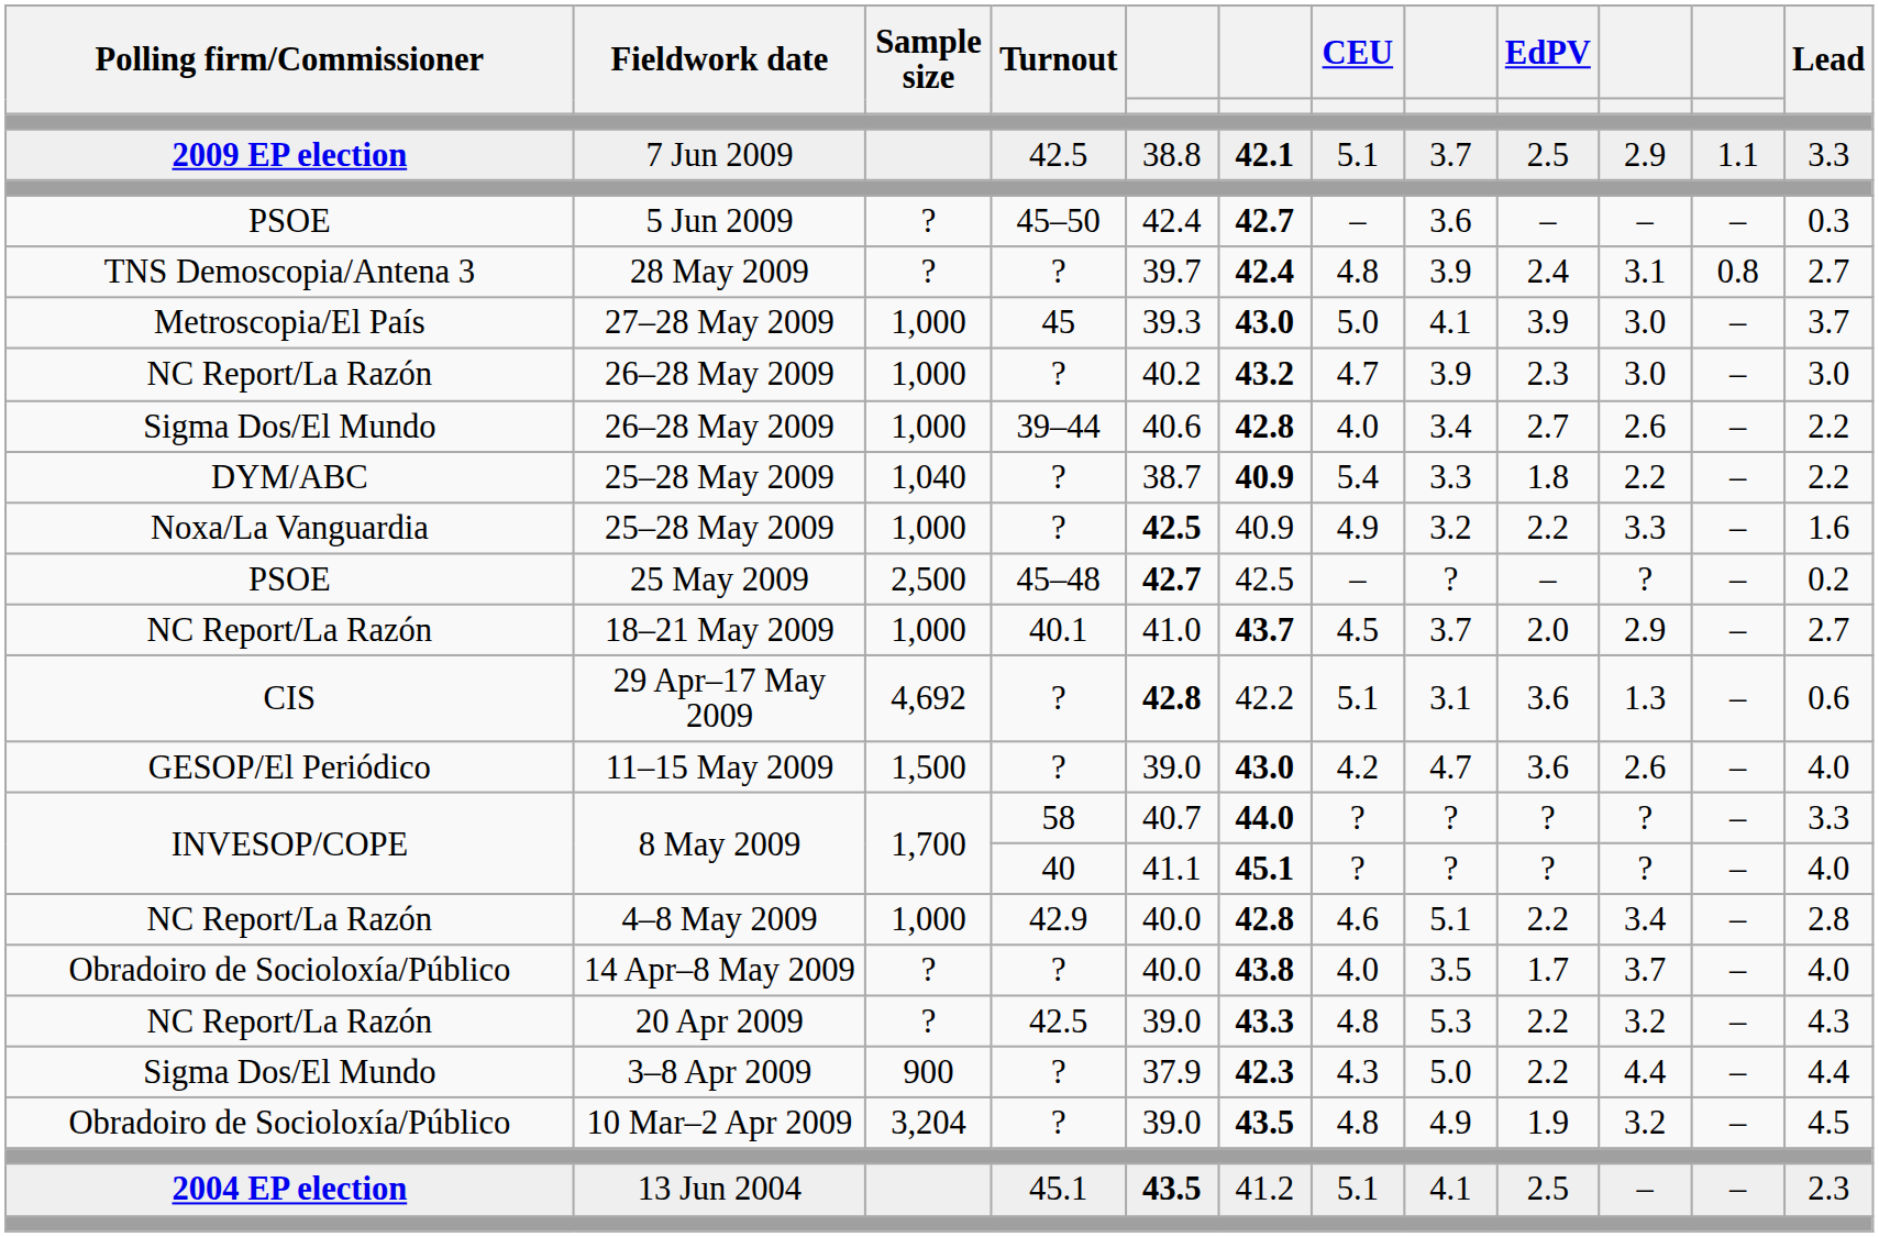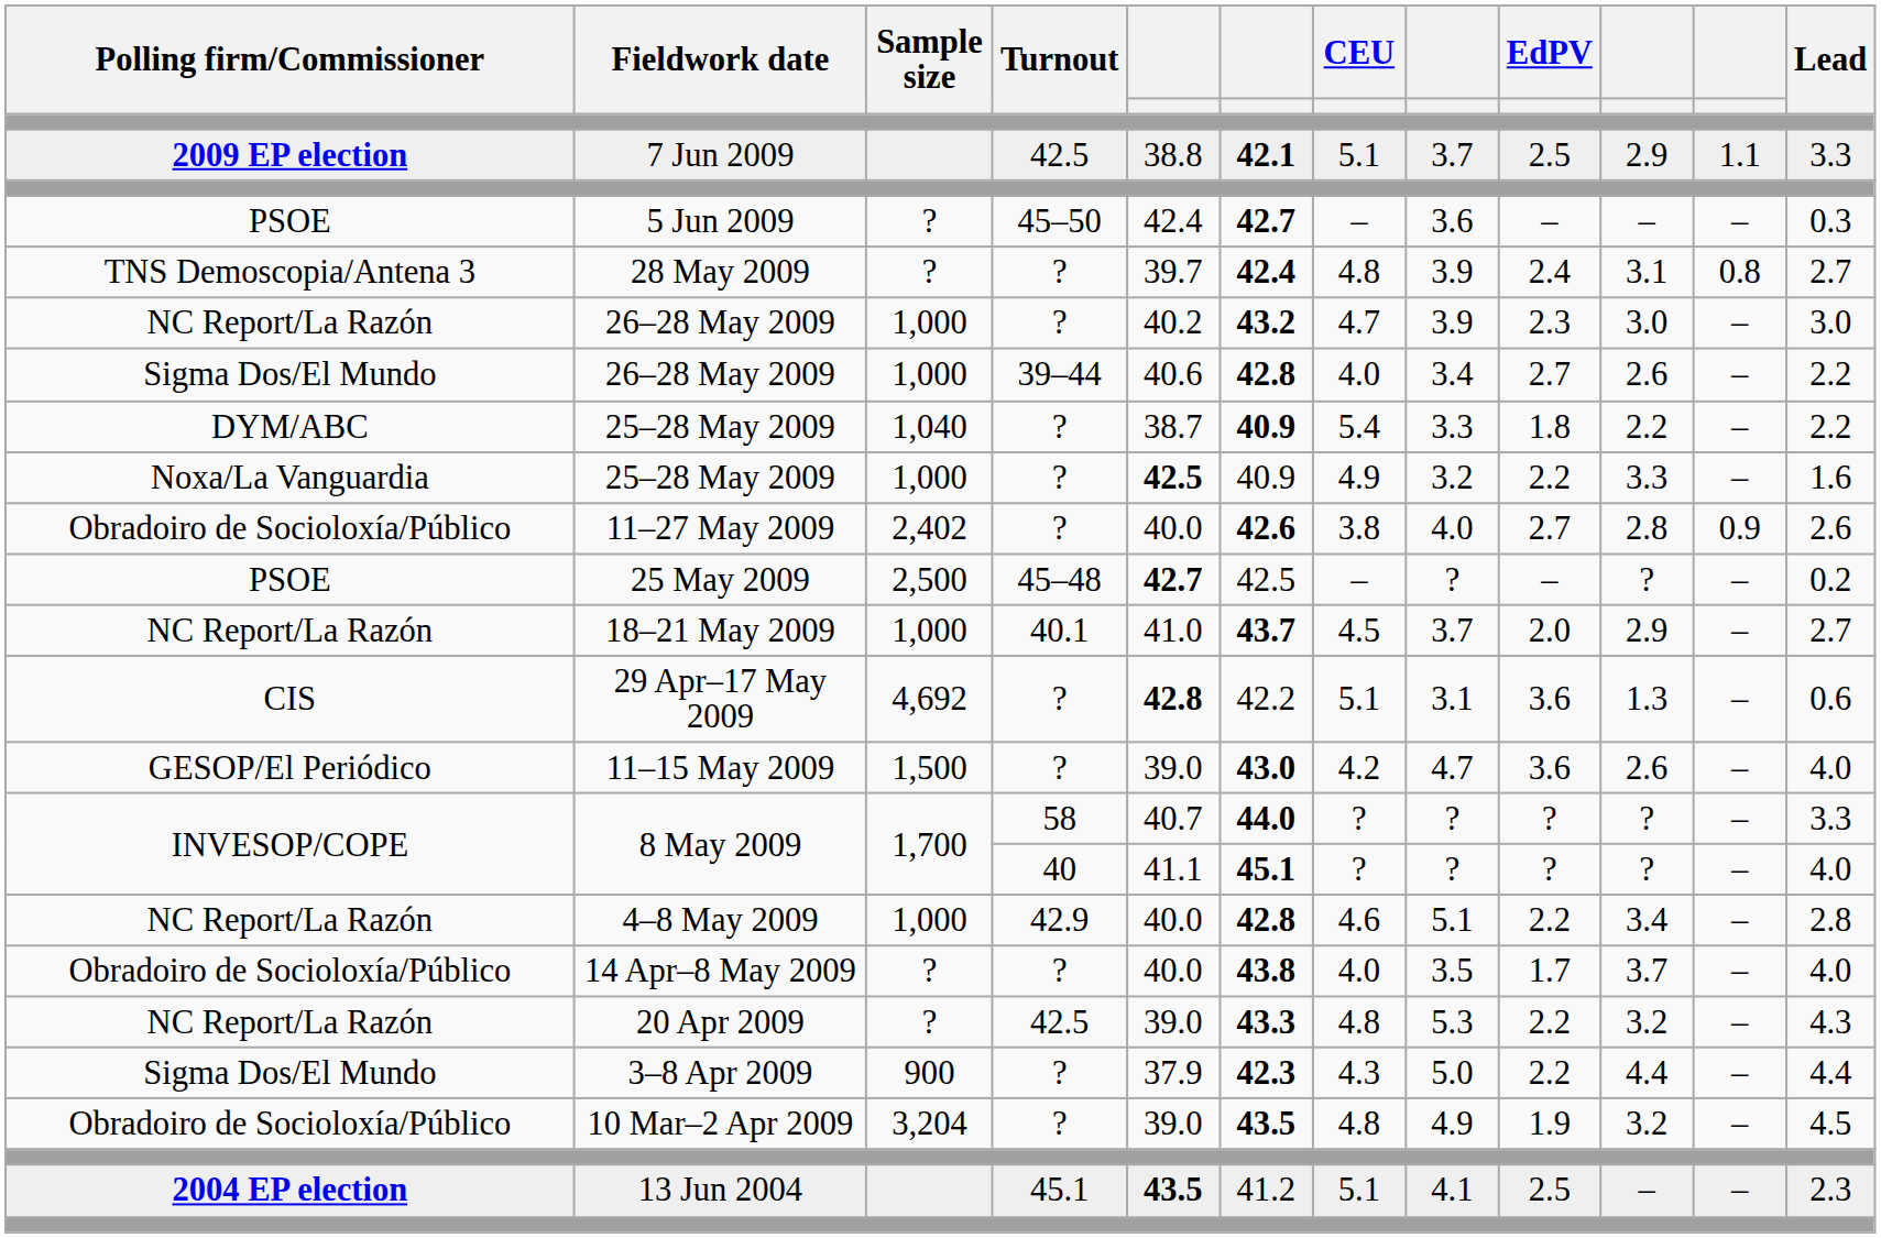 <table class="wikitable collapsible collapsed" style="text-align:center; font-size:95%; line-height:16px;">
 <tr style="height:42px;">
 <th style="width:250px;" rowspan="2">Polling firm/Commissioner</th>
 <th style="width:125px;" rowspan="2">Fieldwork date</th>
 <th style="width:50px;" rowspan="2">Sample size</th>
 <th style="width:45px;" rowspan="2">Turnout</th>
 <th style="width:35px;"></th>
 <th style="width:35px;"></th>
 <th style="width:35px;"><a href='#'>CEU</a></th>
 <th style="width:35px;"></th>
 <th style="width:35px;"><a href='#'>EdPV</a></th>
 <th style="width:35px;"></th>
 <th style="width:35px;"></th>
 <th style="width:30px;" rowspan="2">Lead</th>
 </tr>
 <tr>
 <th style="color:inherit;background:"></th>
 <th style="color:inherit;background:"></th>
 <th style="color:inherit;background:"></th>
 <th style="color:inherit;background:"></th>
 <th style="color:inherit;background:"></th>
 <th style="color:inherit;background:"></th>
 <th style="color:inherit;background:"></th>
 </tr>
 <tr>
 <td colspan="12" style="background:#A0A0A0"></td>
 </tr>
 <tr style="background:#EFEFEF;">
 <td><strong><a href='#'>2009 EP election</a></strong></td>
 <td>7 Jun 2009</td>
 <td></td>
 <td>42.5</td>
 <td>38.8<br></td>
 <td><strong>42.1</strong><br></td>
 <td>5.1<br></td>
 <td>3.7<br></td>
 <td>2.5<br></td>
 <td>2.9<br></td>
 <td>1.1<br></td>
 <td style="background:">3.3</td>
 </tr>
 <tr>
 <td colspan="12" style="background:#A0A0A0"></td>
 </tr>
 <tr>
 <td>PSOE</td>
 <td>5 Jun 2009</td>
 <td>?</td>
 <td>45–50</td>
 <td>42.4<br></td>
 <td><strong>42.7</strong><br></td>
 <td>–</td>
 <td>3.6<br></td>
 <td>–</td>
 <td>–</td>
 <td>–</td>
 <td style="background:">0.3</td>
 </tr>
 <tr>
 <td>TNS Demoscopia/Antena 3</td>
 <td>28 May 2009</td>
 <td>?</td>
 <td>?</td>
 <td>39.7<br></td>
 <td><strong>42.4</strong><br></td>
 <td>4.8<br></td>
 <td>3.9<br></td>
 <td>2.4<br></td>
 <td>3.1<br></td>
 <td>0.8<br></td>
 <td style="background:">2.7</td>
 </tr>
 <tr>
-<td>Metroscopia/El País</td>
-<td>27–28 May 2009</td>
-<td>1,000</td>
-<td>45</td>
-<td>39.3<br></td>
-<td><strong>43.0</strong><br></td>
-<td>5.0<br></td>
-<td>4.1<br></td>
-<td>3.9<br></td>
-<td>3.0<br></td>
-<td>–</td>
-<td style="background:">3.7</td>
-</tr>
-<tr>
 <td>NC Report/La Razón</td>
 <td>26–28 May 2009</td>
 <td>1,000</td>
 <td>?</td>
 <td>40.2<br></td>
 <td><strong>43.2</strong><br></td>
 <td>4.7<br></td>
 <td>3.9<br></td>
 <td>2.3<br></td>
 <td>3.0<br></td>
 <td>–</td>
 <td style="background:">3.0</td>
 </tr>
 <tr>
 <td>Sigma Dos/El Mundo</td>
 <td>26–28 May 2009</td>
 <td>1,000</td>
 <td>39–44</td>
 <td>40.6<br></td>
 <td><strong>42.8</strong><br></td>
 <td>4.0<br></td>
 <td>3.4<br></td>
 <td>2.7<br></td>
 <td>2.6<br></td>
 <td>–</td>
 <td style="background:">2.2</td>
 </tr>
 <tr>
 <td>DYM/ABC</td>
 <td>25–28 May 2009</td>
 <td>1,040</td>
 <td>?</td>
 <td>38.7<br></td>
 <td><strong>40.9</strong><br></td>
 <td>5.4<br></td>
 <td>3.3<br></td>
 <td>1.8<br></td>
 <td>2.2<br></td>
 <td>–</td>
 <td style="background:">2.2</td>
 </tr>
 <tr>
 <td>Noxa/La Vanguardia</td>
 <td>25–28 May 2009</td>
 <td>1,000</td>
 <td>?</td>
 <td><strong>42.5</strong><br></td>
 <td>40.9<br></td>
 <td>4.9<br></td>
 <td>3.2<br></td>
 <td>2.2<br></td>
 <td>3.3<br></td>
 <td>–</td>
 <td style="background:">1.6</td>
+</tr>
+<tr>
+<td>Obradoiro de Socioloxía/Público</td>
+<td>11–27 May 2009</td>
+<td>2,402</td>
+<td>?</td>
+<td>40.0<br></td>
+<td><strong>42.6</strong><br></td>
+<td>3.8<br></td>
+<td>4.0<br></td>
+<td>2.7<br></td>
+<td>2.8<br></td>
+<td>0.9<br></td>
+<td style="background:">2.6</td>
 </tr>
 <tr>
 <td>PSOE</td>
 <td>25 May 2009</td>
 <td>2,500</td>
 <td>45–48</td>
 <td><strong>42.7</strong><br></td>
 <td>42.5<br></td>
 <td>–</td>
 <td>?<br></td>
 <td>–</td>
 <td>?<br></td>
 <td>–</td>
 <td style="background:">0.2</td>
 </tr>
 <tr>
 <td>NC Report/La Razón</td>
 <td>18–21 May 2009</td>
 <td>1,000</td>
 <td>40.1</td>
 <td>41.0<br></td>
 <td><strong>43.7</strong><br></td>
 <td>4.5<br></td>
 <td>3.7<br></td>
 <td>2.0<br></td>
 <td>2.9<br></td>
 <td>–</td>
 <td style="background:">2.7</td>
 </tr>
 <tr>
 <td>CIS</td>
 <td>29 Apr–17 May 2009</td>
 <td>4,692</td>
 <td>?</td>
 <td><strong>42.8</strong><br></td>
 <td>42.2<br></td>
 <td>5.1<br></td>
 <td>3.1<br></td>
 <td>3.6<br></td>
 <td>1.3<br></td>
 <td>–</td>
 <td style="background:">0.6</td>
 </tr>
 <tr>
 <td>GESOP/El Periódico</td>
 <td>11–15 May 2009</td>
 <td>1,500</td>
 <td>?</td>
 <td>39.0<br></td>
 <td><strong>43.0</strong><br></td>
 <td>4.2<br></td>
 <td>4.7<br></td>
 <td>3.6<br></td>
 <td>2.6<br></td>
 <td>–</td>
 <td style="background:">4.0</td>
 </tr>
 <tr>
 <td rowspan="2">INVESOP/COPE</td>
 <td rowspan="2">8 May 2009</td>
 <td rowspan="2">1,700</td>
 <td>58</td>
 <td>40.7<br></td>
 <td><strong>44.0</strong><br></td>
 <td>?<br></td>
 <td>?<br></td>
 <td>?<br></td>
 <td>?<br></td>
 <td>–</td>
 <td style="background:">3.3</td>
 </tr>
 <tr>
 <td>40</td>
 <td>41.1<br></td>
 <td><strong>45.1</strong><br></td>
 <td>?<br></td>
 <td>?<br></td>
 <td>?<br></td>
 <td>?<br></td>
 <td>–</td>
 <td style="background:">4.0</td>
 </tr>
 <tr>
 <td>NC Report/La Razón</td>
 <td>4–8 May 2009</td>
 <td>1,000</td>
 <td>42.9</td>
 <td>40.0<br></td>
 <td><strong>42.8</strong><br></td>
 <td>4.6<br></td>
 <td>5.1<br></td>
 <td>2.2<br></td>
 <td>3.4<br></td>
 <td>–</td>
 <td style="background:">2.8</td>
 </tr>
 <tr>
 <td>Obradoiro de Socioloxía/Público</td>
 <td>14 Apr–8 May 2009</td>
 <td>?</td>
 <td>?</td>
 <td>40.0<br></td>
 <td><strong>43.8</strong><br></td>
 <td>4.0<br></td>
 <td>3.5<br></td>
 <td>1.7<br></td>
 <td>3.7<br></td>
 <td>–</td>
 <td style="background:">4.0</td>
 </tr>
 <tr>
 <td>NC Report/La Razón</td>
 <td>20 Apr 2009</td>
 <td>?</td>
 <td>42.5</td>
 <td>39.0<br></td>
 <td><strong>43.3</strong><br></td>
 <td>4.8<br></td>
 <td>5.3<br></td>
 <td>2.2<br></td>
 <td>3.2<br></td>
 <td>–</td>
 <td style="background:">4.3</td>
 </tr>
 <tr>
 <td>Sigma Dos/El Mundo</td>
 <td>3–8 Apr 2009</td>
 <td>900</td>
 <td>?</td>
 <td>37.9<br></td>
 <td><strong>42.3</strong><br></td>
 <td>4.3<br></td>
 <td>5.0<br></td>
 <td>2.2<br></td>
 <td>4.4<br></td>
 <td>–</td>
 <td style="background:">4.4</td>
 </tr>
 <tr>
 <td>Obradoiro de Socioloxía/Público</td>
 <td>10 Mar–2 Apr 2009</td>
 <td>3,204</td>
 <td>?</td>
 <td>39.0<br></td>
 <td><strong>43.5</strong><br></td>
 <td>4.8<br></td>
 <td>4.9<br></td>
 <td>1.9<br></td>
 <td>3.2<br></td>
 <td>–</td>
 <td style="background:">4.5</td>
 </tr>
 <tr>
 <td colspan="12" style="background:#A0A0A0"></td>
 </tr>
 <tr style="background:#EFEFEF;">
 <td><strong><a href='#'>2004 EP election</a></strong></td>
 <td>13 Jun 2004</td>
 <td></td>
 <td>45.1</td>
 <td><strong>43.5</strong><br></td>
 <td>41.2<br></td>
 <td>5.1<br></td>
 <td>4.1<br></td>
 <td>2.5<br></td>
 <td>–</td>
 <td>–</td>
 <td style="background:">2.3</td>
 </tr>
 <tr>
 <td colspan="12" style="background:#A0A0A0"></td>
 </tr>
 </table>
